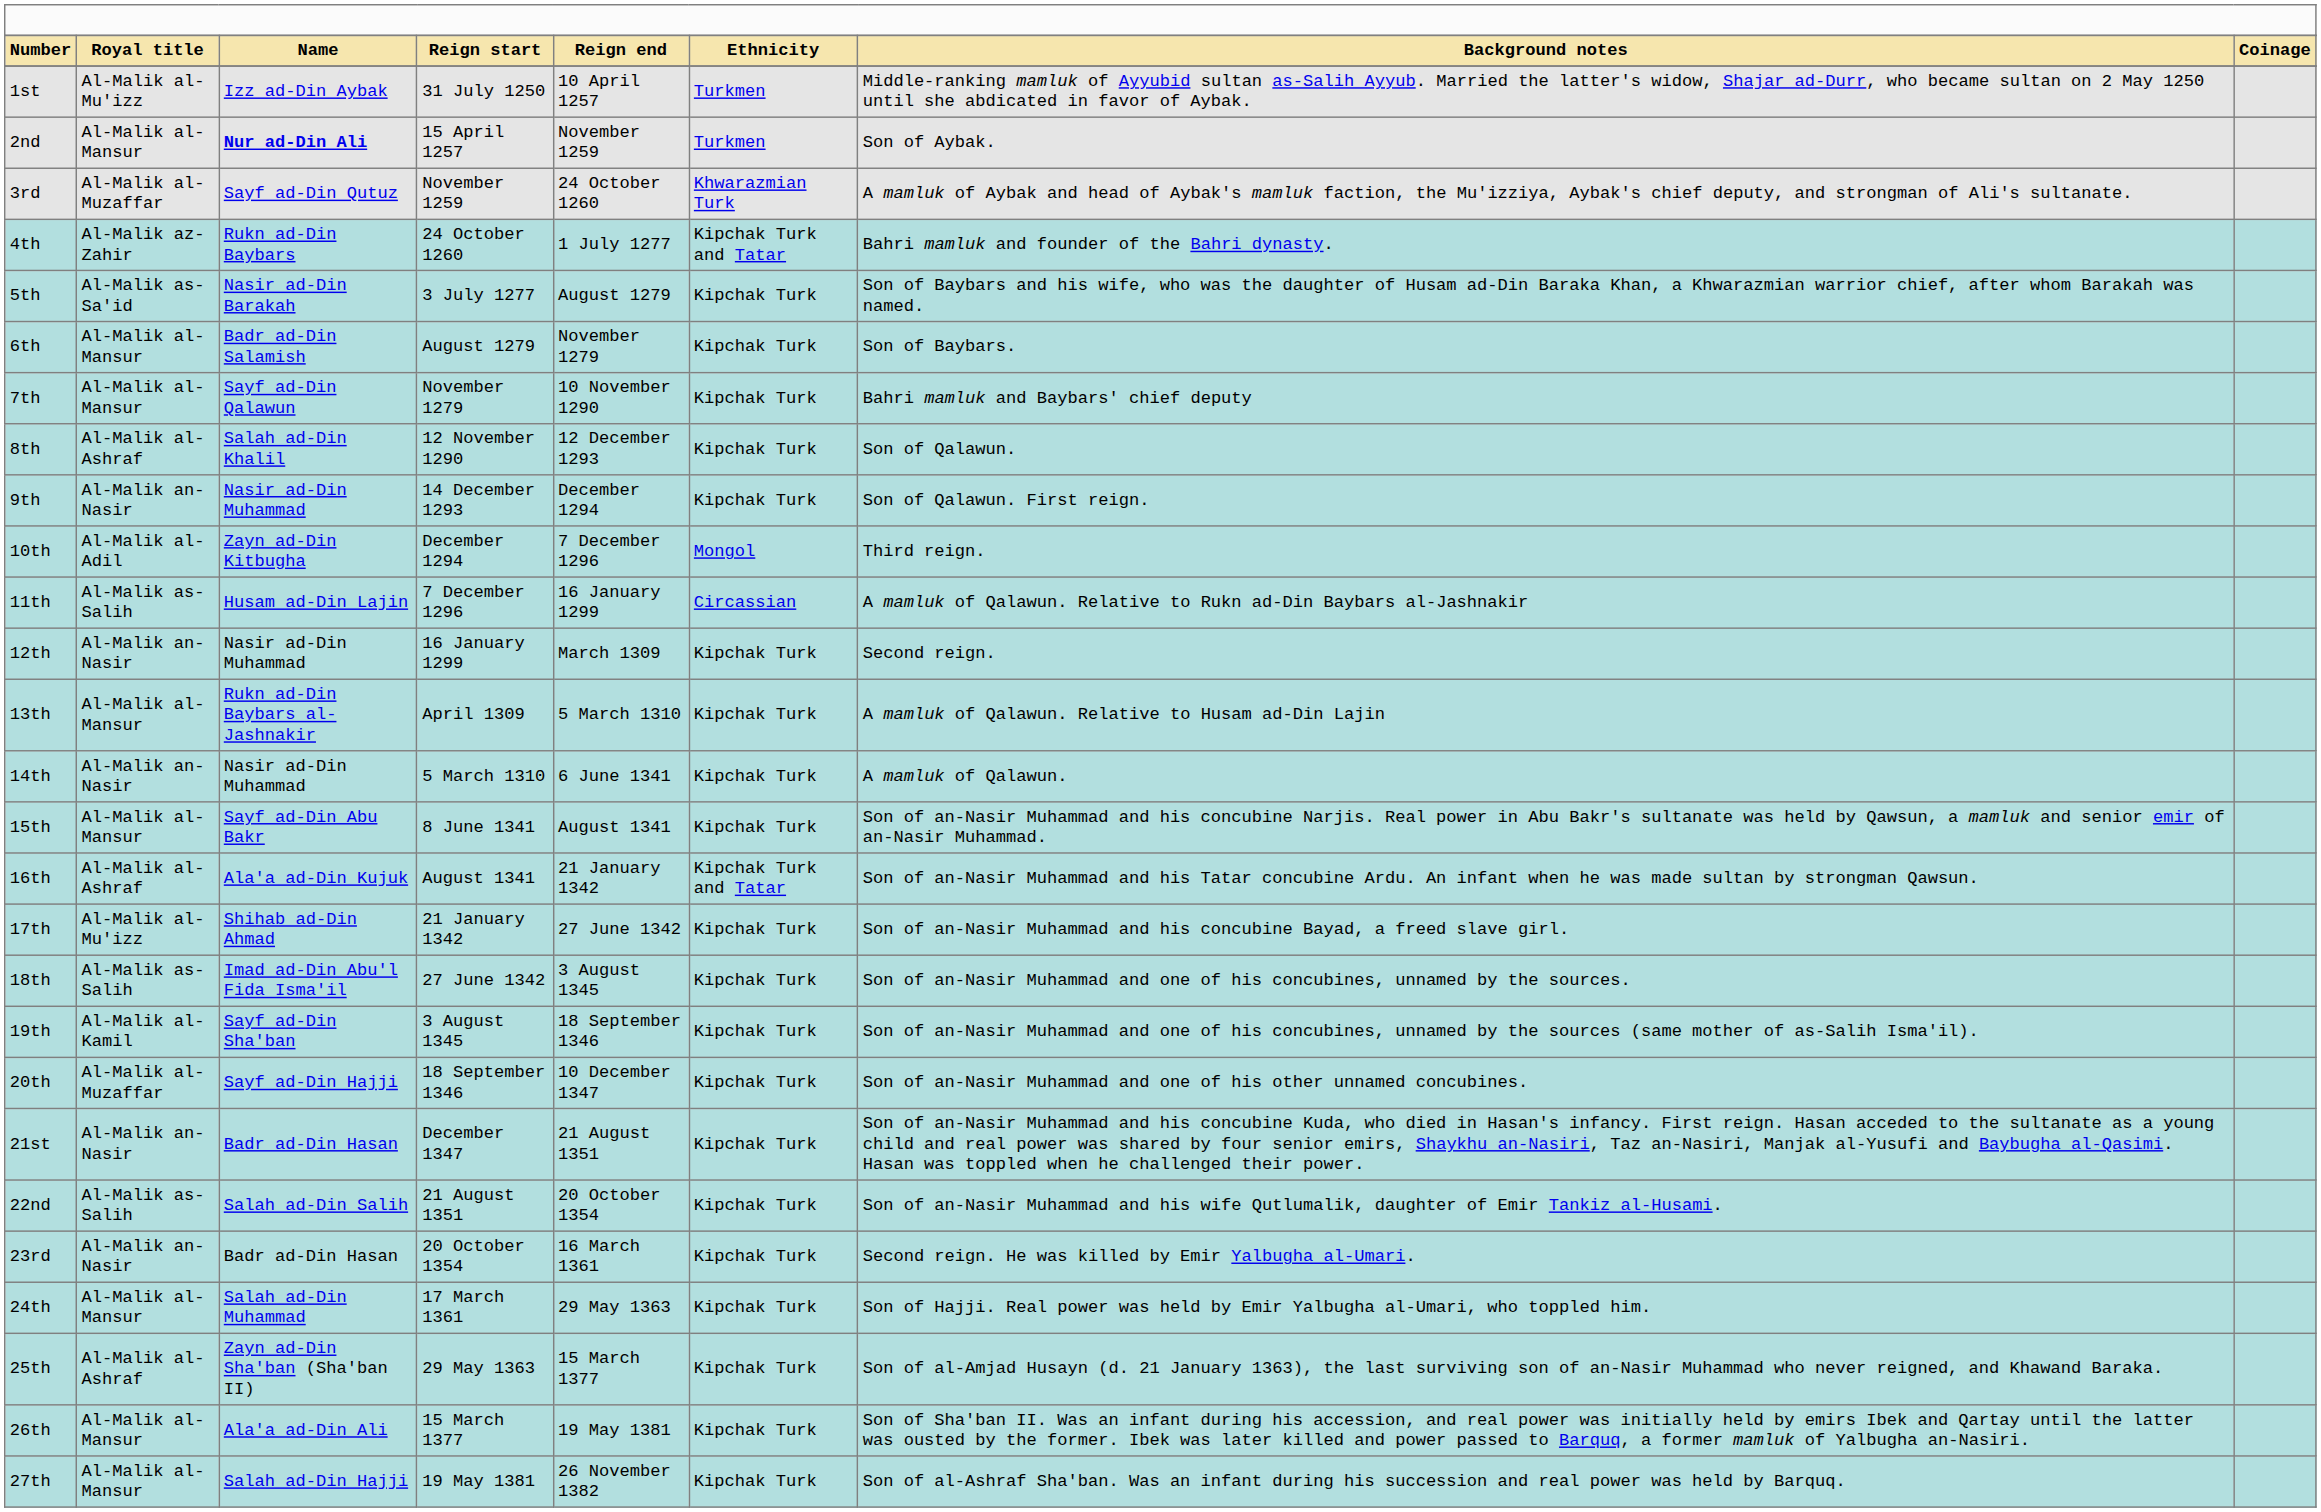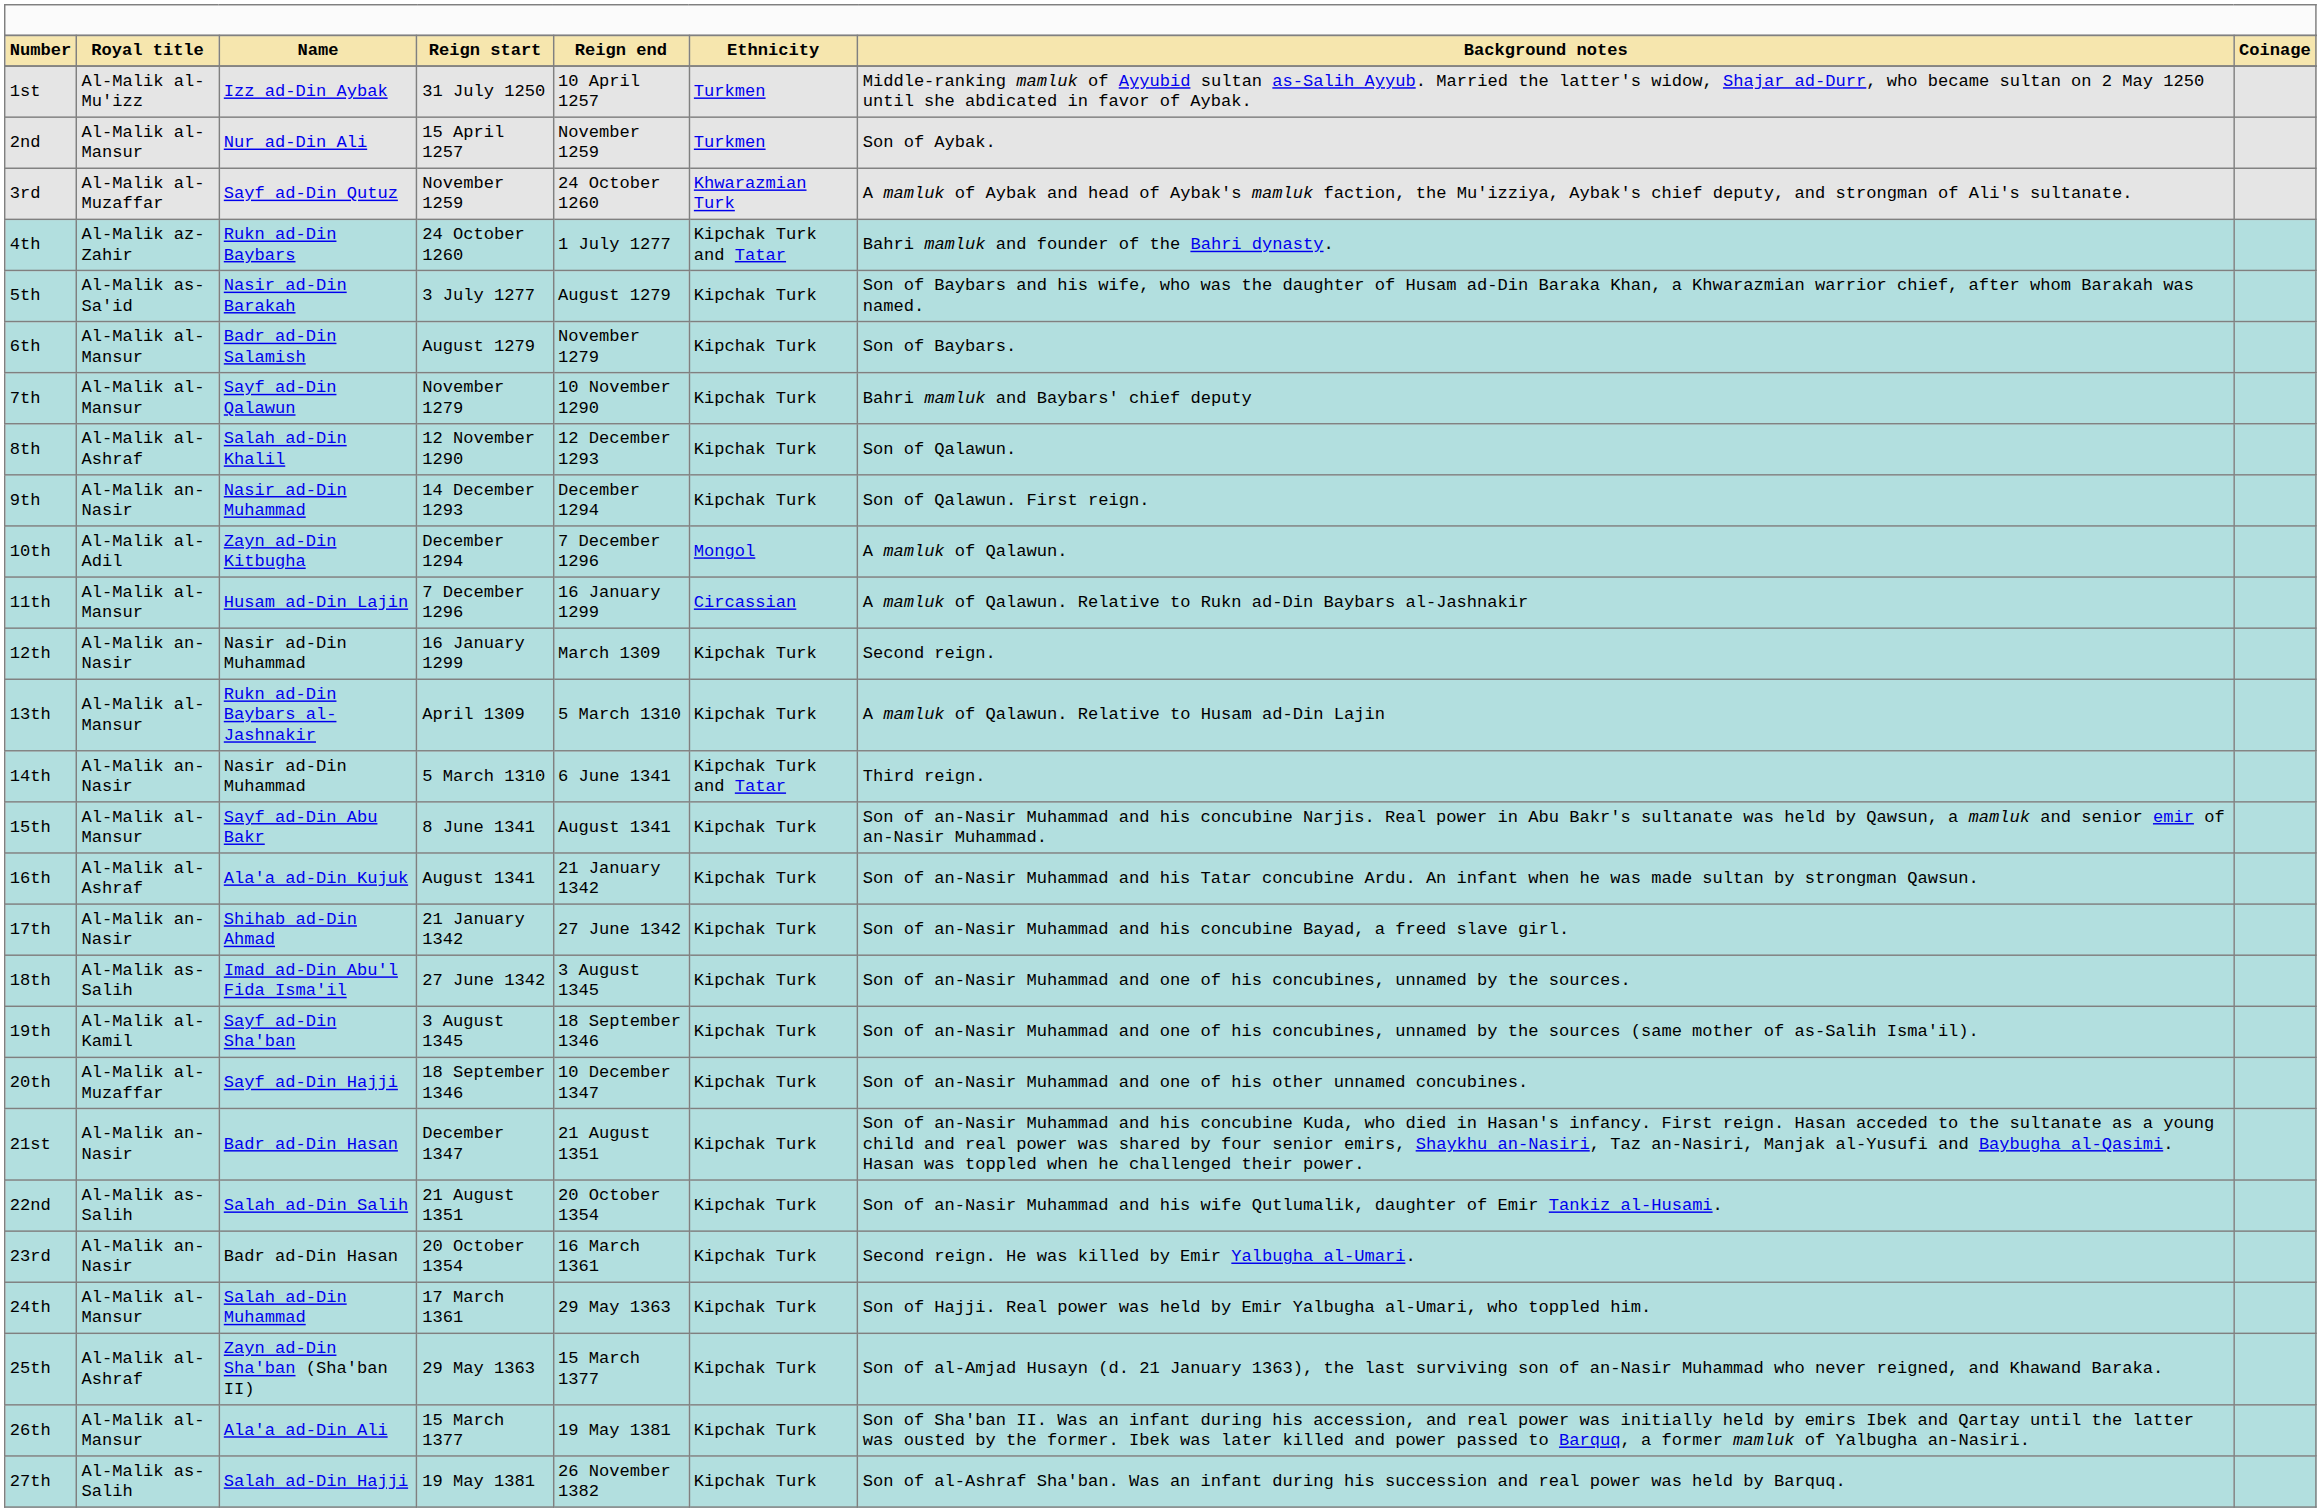 <table class="nowraplinks" cellspacing="0" cellpadding="3" rules="all" style="background:#fbfbfb; border-style: solid; border-width: 1px; font-size:90%; empty-cells:show; border-collapse:collapse">
 <tr>
 <th colspan="11"><br>  </th>
 </tr>
 <tr>
 </tr>
 <tr style="background:#f6e6ae;">
 <th>Number</th>
 <th>Royal title</th>
 <th>Name</th>
 <th>Reign start</th>
 <th>Reign end</th>
 <th>Ethnicity</th>
 <th>Background notes</th>
 <th>Coinage</th>
 </tr>
 <tr>
 </tr>
 <tr bgcolor="#e5e5e5">
 <td>1st</td>
 <td>Al-Malik al-Mu'izz</td>
 <td><a href='#'>Izz ad-Din Aybak</a></td>
 <td>31 July 1250</td>
 <td>10 April 1257</td>
 <td><a href='#'>Turkmen</a></td>
 <td>Middle-ranking <em>mamluk</em> of <a href='#'>Ayyubid</a> sultan <a href='#'>as-Salih Ayyub</a>. Married the latter's widow, <a href='#'>Shajar ad-Durr</a>, who became sultan on 2 May 1250 until she abdicated in favor of Aybak.</td>
 <td></td>
 </tr>
 <tr bgcolor="#e5e5e5">
 <td>2nd</td>
 <td>Al-Malik al-Mansur</td>
-<td><strong><a href='#'>Nur ad-Din Ali</a></strong></td>
+<td><a href='#'>Nur ad-Din Ali</a></td>
 <td>15 April 1257</td>
 <td>November 1259</td>
 <td><a href='#'>Turkmen</a></td>
 <td>Son of Aybak.</td>
 <td></td>
 </tr>
 <tr bgcolor="#e5e5e5">
 <td>3rd</td>
 <td>Al-Malik al-Muzaffar</td>
 <td><a href='#'>Sayf ad-Din Qutuz</a></td>
 <td>November 1259</td>
 <td>24 October 1260</td>
 <td><a href='#'>Khwarazmian Turk</a></td>
 <td>A <em>mamluk</em> of Aybak and head of Aybak's <em>mamluk</em> faction, the Mu'izziya, Aybak's chief deputy, and strongman of Ali's sultanate.</td>
 <td></td>
 </tr>
 <tr bgcolor="#b2dfdf">
 <td>4th</td>
 <td>Al-Malik az-Zahir</td>
 <td><a href='#'>Rukn ad-Din Baybars</a></td>
 <td>24 October 1260</td>
 <td>1 July 1277</td>
 <td>Kipchak Turk and <a href='#'>Tatar</a></td>
 <td>Bahri <em>mamluk</em> and founder of the <a href='#'>Bahri dynasty</a>.</td>
 <td></td>
 </tr>
 <tr bgcolor="#b2dfdf">
 <td>5th</td>
 <td>Al-Malik as-Sa'id</td>
 <td><a href='#'>Nasir ad-Din Barakah</a></td>
 <td>3 July 1277</td>
 <td>August 1279</td>
 <td>Kipchak Turk</td>
 <td>Son of Baybars and his wife, who was the daughter of Husam ad-Din Baraka Khan, a Khwarazmian warrior chief, after whom Barakah was named.</td>
 <td></td>
 </tr>
 <tr bgcolor="#b2dfdf">
 <td>6th</td>
 <td>Al-Malik al-Mansur</td>
 <td><a href='#'>Badr ad-Din Salamish</a></td>
 <td>August 1279</td>
 <td>November 1279</td>
 <td>Kipchak Turk</td>
 <td>Son of Baybars.</td>
 <td></td>
 </tr>
 <tr bgcolor="#b2dfdf">
 <td>7th</td>
 <td>Al-Malik al-Mansur</td>
 <td><a href='#'>Sayf ad-Din Qalawun</a></td>
 <td>November 1279</td>
 <td>10 November 1290</td>
 <td>Kipchak Turk</td>
 <td>Bahri <em>mamluk</em> and Baybars' chief deputy</td>
 <td></td>
 </tr>
 <tr bgcolor="#b2dfdf">
 <td>8th</td>
 <td>Al-Malik al-Ashraf</td>
 <td><a href='#'>Salah ad-Din Khalil</a></td>
 <td>12 November 1290</td>
 <td>12 December 1293</td>
 <td>Kipchak Turk</td>
 <td>Son of Qalawun.</td>
 <td></td>
 </tr>
 <tr bgcolor="#b2dfdf">
 <td>9th</td>
 <td>Al-Malik an-Nasir</td>
 <td><a href='#'>Nasir ad-Din Muhammad</a></td>
 <td>14 December 1293</td>
 <td>December 1294</td>
 <td>Kipchak Turk</td>
 <td>Son of Qalawun. First reign.</td>
 <td></td>
 </tr>
 <tr bgcolor="#b2dfdf">
 <td>10th</td>
 <td>Al-Malik al-Adil</td>
 <td><a href='#'>Zayn ad-Din Kitbugha</a></td>
 <td>December 1294</td>
 <td>7 December 1296</td>
 <td><a href='#'>Mongol</a></td>
-<td>Third reign.</td>
+<td>A <em>mamluk</em> of Qalawun.</td>
 <td></td>
 </tr>
 <tr bgcolor="#b2dfdf">
 <td>11th</td>
-<td>Al-Malik as-Salih</td>
+<td>Al-Malik al-Mansur</td>
 <td><a href='#'>Husam ad-Din Lajin</a></td>
 <td>7 December 1296</td>
 <td>16 January 1299</td>
 <td><a href='#'>Circassian</a></td>
 <td>A <em>mamluk</em> of Qalawun. Relative to  Rukn ad-Din Baybars al-Jashnakir</td>
 <td></td>
 </tr>
 <tr bgcolor="#b2dfdf">
 <td>12th</td>
 <td>Al-Malik an-Nasir</td>
 <td>Nasir ad-Din Muhammad</td>
 <td>16 January 1299</td>
 <td>March 1309</td>
 <td>Kipchak Turk</td>
 <td>Second reign.</td>
 <td></td>
 </tr>
 <tr bgcolor="#b2dfdf">
 <td>13th</td>
 <td>Al-Malik al-Mansur</td>
 <td><a href='#'>Rukn ad-Din Baybars al-Jashnakir</a></td>
 <td>April 1309</td>
 <td>5 March 1310</td>
 <td>Kipchak Turk</td>
 <td>A <em>mamluk</em> of Qalawun. Relative to  Husam ad-Din Lajin</td>
 <td></td>
 </tr>
 <tr bgcolor="#b2dfdf">
 <td>14th</td>
 <td>Al-Malik an-Nasir</td>
 <td>Nasir ad-Din Muhammad</td>
 <td>5 March 1310</td>
 <td>6 June 1341</td>
-<td>Kipchak Turk</td>
-<td>A <em>mamluk</em> of Qalawun.</td>
+<td>Kipchak Turk and <a href='#'>Tatar</a></td>
+<td>Third reign.</td>
 <td></td>
 </tr>
 <tr bgcolor="#b2dfdf">
 <td>15th</td>
 <td>Al-Malik al-Mansur</td>
 <td><a href='#'>Sayf ad-Din Abu Bakr</a></td>
 <td>8 June 1341</td>
 <td>August 1341</td>
 <td>Kipchak Turk</td>
 <td>Son of an-Nasir Muhammad and his concubine Narjis. Real power in Abu Bakr's sultanate was held by Qawsun, a <em>mamluk</em> and senior <a href='#'>emir</a> of an-Nasir Muhammad.</td>
 <td></td>
 </tr>
 <tr bgcolor="#b2dfdf">
 <td>16th</td>
 <td>Al-Malik al-Ashraf</td>
 <td><a href='#'>Ala'a ad-Din Kujuk</a></td>
 <td>August 1341</td>
 <td>21 January 1342</td>
-<td>Kipchak Turk and <a href='#'>Tatar</a></td>
+<td>Kipchak Turk</td>
 <td>Son of an-Nasir Muhammad and his Tatar concubine Ardu. An infant when he was made sultan by strongman Qawsun.</td>
 <td></td>
 </tr>
 <tr bgcolor="#b2dfdf">
 <td>17th</td>
-<td>Al-Malik al-Mu'izz</td>
+<td>Al-Malik an-Nasir</td>
 <td><a href='#'>Shihab ad-Din Ahmad</a></td>
 <td>21 January 1342</td>
 <td>27 June 1342</td>
 <td>Kipchak Turk</td>
 <td>Son of an-Nasir Muhammad and his concubine Bayad, a freed slave girl.</td>
 <td></td>
 </tr>
 <tr bgcolor="#b2dfdf">
 <td>18th</td>
 <td>Al-Malik as-Salih</td>
 <td><a href='#'>Imad ad-Din Abu'l Fida Isma'il</a></td>
 <td>27 June 1342</td>
 <td>3 August 1345</td>
 <td>Kipchak Turk</td>
 <td>Son of an-Nasir Muhammad and one of his concubines, unnamed by the sources.</td>
 <td></td>
 </tr>
 <tr bgcolor="#b2dfdf">
 <td>19th</td>
 <td>Al-Malik al-Kamil</td>
 <td><a href='#'>Sayf ad-Din Sha'ban</a></td>
 <td>3 August 1345</td>
 <td>18 September 1346</td>
 <td>Kipchak Turk</td>
 <td>Son of an-Nasir Muhammad and one of his concubines, unnamed by the sources (same mother of as-Salih Isma'il).</td>
 <td></td>
 </tr>
 <tr bgcolor="#b2dfdf">
 <td>20th</td>
 <td>Al-Malik al-Muzaffar</td>
 <td><a href='#'>Sayf ad-Din Hajji</a></td>
 <td>18 September 1346</td>
 <td>10 December 1347</td>
 <td>Kipchak Turk</td>
 <td>Son of an-Nasir Muhammad and one of his other unnamed concubines.</td>
 <td></td>
 </tr>
 <tr bgcolor="#b2dfdf">
 <td>21st</td>
 <td>Al-Malik an-Nasir</td>
 <td><a href='#'>Badr ad-Din Hasan</a></td>
 <td>December 1347</td>
 <td>21 August 1351</td>
 <td>Kipchak Turk</td>
 <td>Son of an-Nasir Muhammad and his concubine Kuda, who died in Hasan's infancy. First reign. Hasan acceded to the sultanate as a young child and real power was shared by four senior emirs, <a href='#'>Shaykhu an-Nasiri</a>, Taz an-Nasiri, Manjak al-Yusufi and <a href='#'>Baybugha al-Qasimi</a>. Hasan was toppled when he challenged their power.</td>
 <td></td>
 </tr>
 <tr bgcolor="#b2dfdf">
 <td>22nd</td>
 <td>Al-Malik as-Salih</td>
 <td><a href='#'>Salah ad-Din Salih</a></td>
 <td>21 August 1351</td>
 <td>20 October 1354</td>
 <td>Kipchak Turk</td>
 <td>Son of an-Nasir Muhammad and his wife Qutlumalik, daughter of Emir <a href='#'>Tankiz al-Husami</a>.</td>
 <td></td>
 </tr>
 <tr bgcolor="#b2dfdf">
 <td>23rd</td>
 <td>Al-Malik an-Nasir</td>
 <td>Badr ad-Din Hasan</td>
 <td>20 October 1354</td>
 <td>16 March 1361</td>
 <td>Kipchak Turk</td>
 <td>Second reign. He was killed by Emir <a href='#'>Yalbugha al-Umari</a>.</td>
 <td></td>
 </tr>
 <tr bgcolor="#b2dfdf">
 <td>24th</td>
 <td>Al-Malik al-Mansur</td>
 <td><a href='#'>Salah ad-Din Muhammad</a></td>
 <td>17 March 1361</td>
 <td>29 May 1363</td>
 <td>Kipchak Turk</td>
 <td>Son of Hajji. Real power was held by Emir Yalbugha al-Umari, who toppled him.</td>
 <td></td>
 </tr>
 <tr bgcolor="#b2dfdf">
 <td>25th</td>
 <td>Al-Malik al-Ashraf</td>
 <td><a href='#'>Zayn ad-Din Sha'ban</a> (Sha'ban II)</td>
 <td>29 May 1363</td>
 <td>15 March 1377</td>
 <td>Kipchak Turk</td>
 <td>Son of al-Amjad Husayn (d. 21 January 1363), the last surviving son of an-Nasir Muhammad who never reigned, and Khawand Baraka.</td>
 <td></td>
 </tr>
 <tr bgcolor="#b2dfdf">
 <td>26th</td>
 <td>Al-Malik al-Mansur</td>
 <td><a href='#'>Ala'a ad-Din Ali</a></td>
 <td>15 March 1377</td>
 <td>19 May 1381</td>
 <td>Kipchak Turk</td>
 <td>Son of Sha'ban II. Was an infant during his accession, and real power was initially held by emirs Ibek and Qartay until the latter was ousted by the former. Ibek was later killed and power passed to <a href='#'>Barquq</a>, a former <em>mamluk</em> of Yalbugha an-Nasiri.</td>
 <td></td>
 </tr>
 <tr bgcolor="#b2dfdf">
 <td>27th</td>
-<td>Al-Malik al-Mansur</td>
+<td>Al-Malik as-Salih</td>
 <td><a href='#'>Salah ad-Din Hajji</a></td>
 <td>19 May 1381</td>
 <td>26 November 1382</td>
 <td>Kipchak Turk</td>
 <td>Son of al-Ashraf Sha'ban. Was an infant during his succession and real power was held by Barquq.</td>
 <td></td>
 </tr>
 </table>
